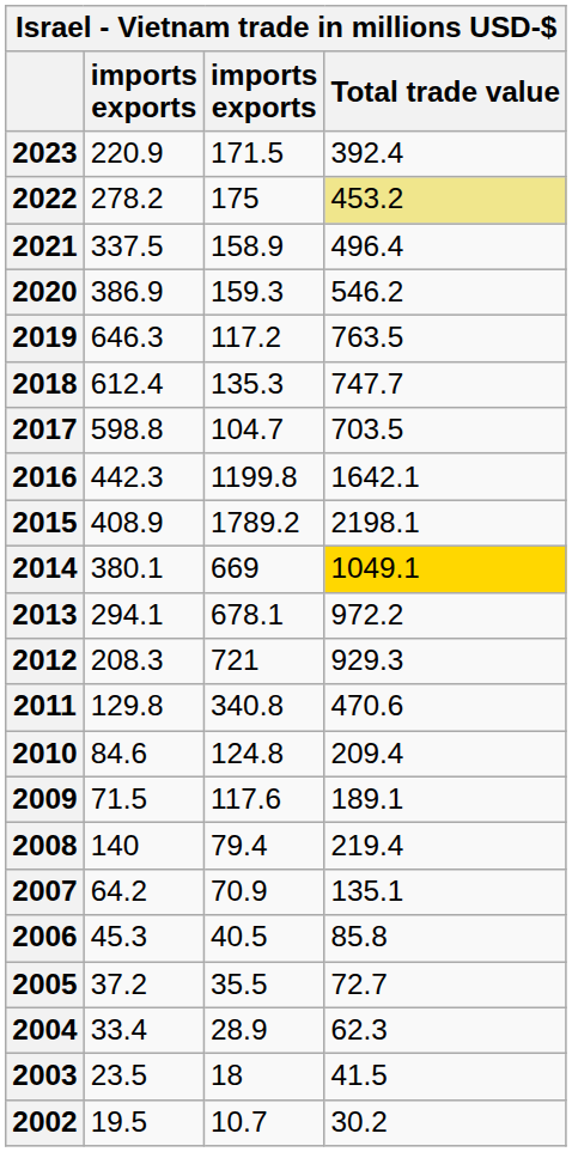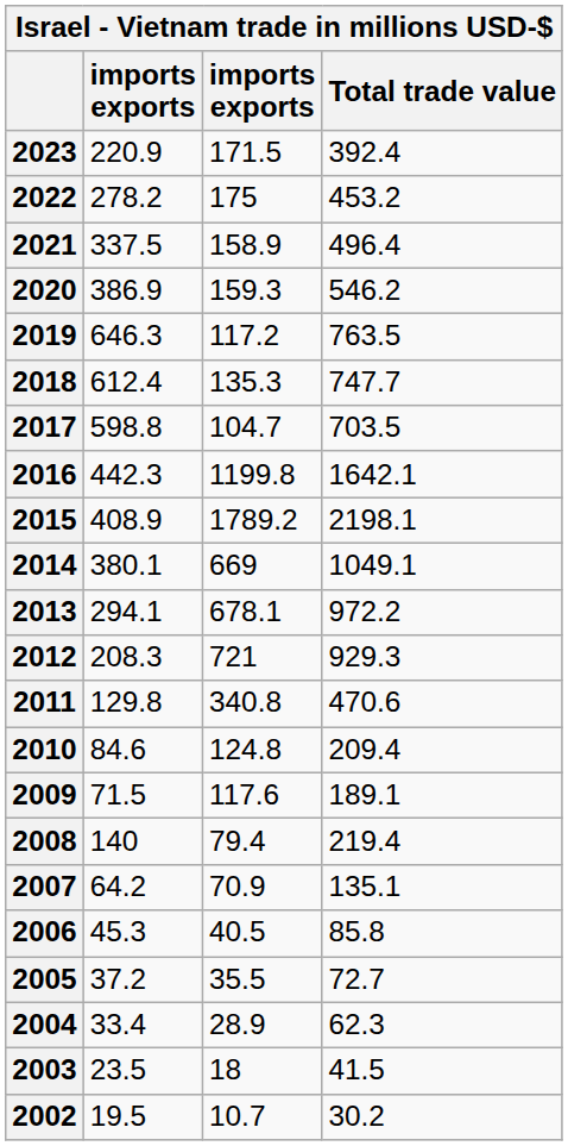 <table class="wikitable mw-collapsible mw-collapsed">
 <tr>
 <th colspan="4">Israel - Vietnam trade in millions USD-$ </th>
 </tr>
 <tr>
 <th></th>
 <th> imports<br> exports</th>
 <th> imports<br> exports</th>
 <th>Total trade value</th>
 </tr>
 <tr>
 <th>2023</th>
 <td>220.9</td>
 <td>171.5</td>
 <td>392.4</td>
 </tr>
 <tr>
 <th>2022</th>
 <td>278.2</td>
 <td>175</td>
-<td style="background: khaki;">453.2</td>
+<td>453.2</td>
 </tr>
 <tr>
 <th>2021</th>
 <td>337.5</td>
 <td>158.9</td>
 <td>496.4</td>
 </tr>
 <tr>
 <th>2020</th>
 <td>386.9</td>
 <td>159.3</td>
 <td>546.2</td>
 </tr>
 <tr>
 <th>2019</th>
 <td>646.3</td>
 <td>117.2</td>
 <td>763.5</td>
 </tr>
 <tr>
 <th>2018</th>
 <td>612.4</td>
 <td>135.3</td>
 <td>747.7</td>
 </tr>
 <tr>
 <th>2017</th>
 <td>598.8</td>
 <td>104.7</td>
 <td>703.5</td>
 </tr>
 <tr>
 <th>2016</th>
 <td>442.3</td>
 <td>1199.8</td>
 <td>1642.1</td>
 </tr>
 <tr>
 <th>2015</th>
 <td>408.9</td>
 <td>1789.2</td>
 <td>2198.1</td>
 </tr>
 <tr>
 <th>2014</th>
 <td>380.1</td>
 <td>669</td>
-<td style="background: gold;">1049.1</td>
+<td>1049.1</td>
 </tr>
 <tr>
 <th>2013</th>
 <td>294.1</td>
 <td>678.1</td>
 <td>972.2</td>
 </tr>
 <tr>
 <th>2012</th>
 <td>208.3</td>
 <td>721</td>
 <td>929.3</td>
 </tr>
 <tr>
 <th>2011</th>
 <td>129.8</td>
 <td>340.8</td>
 <td>470.6</td>
 </tr>
 <tr>
 <th>2010</th>
 <td>84.6</td>
 <td>124.8</td>
 <td>209.4</td>
 </tr>
 <tr>
 <th>2009</th>
 <td>71.5</td>
 <td>117.6</td>
 <td>189.1</td>
 </tr>
 <tr>
 <th>2008</th>
 <td>140</td>
 <td>79.4</td>
 <td>219.4</td>
 </tr>
 <tr>
 <th>2007</th>
 <td>64.2</td>
 <td>70.9</td>
 <td>135.1</td>
 </tr>
 <tr>
 <th>2006</th>
 <td>45.3</td>
 <td>40.5</td>
 <td>85.8</td>
 </tr>
 <tr>
 <th>2005</th>
 <td>37.2</td>
 <td>35.5</td>
 <td>72.7</td>
 </tr>
 <tr>
 <th>2004</th>
 <td>33.4</td>
 <td>28.9</td>
 <td>62.3</td>
 </tr>
 <tr>
 <th>2003</th>
 <td>23.5</td>
 <td>18</td>
 <td>41.5</td>
 </tr>
 <tr>
 <th>2002</th>
 <td>19.5</td>
 <td>10.7</td>
 <td>30.2</td>
 </tr>
 </table>
